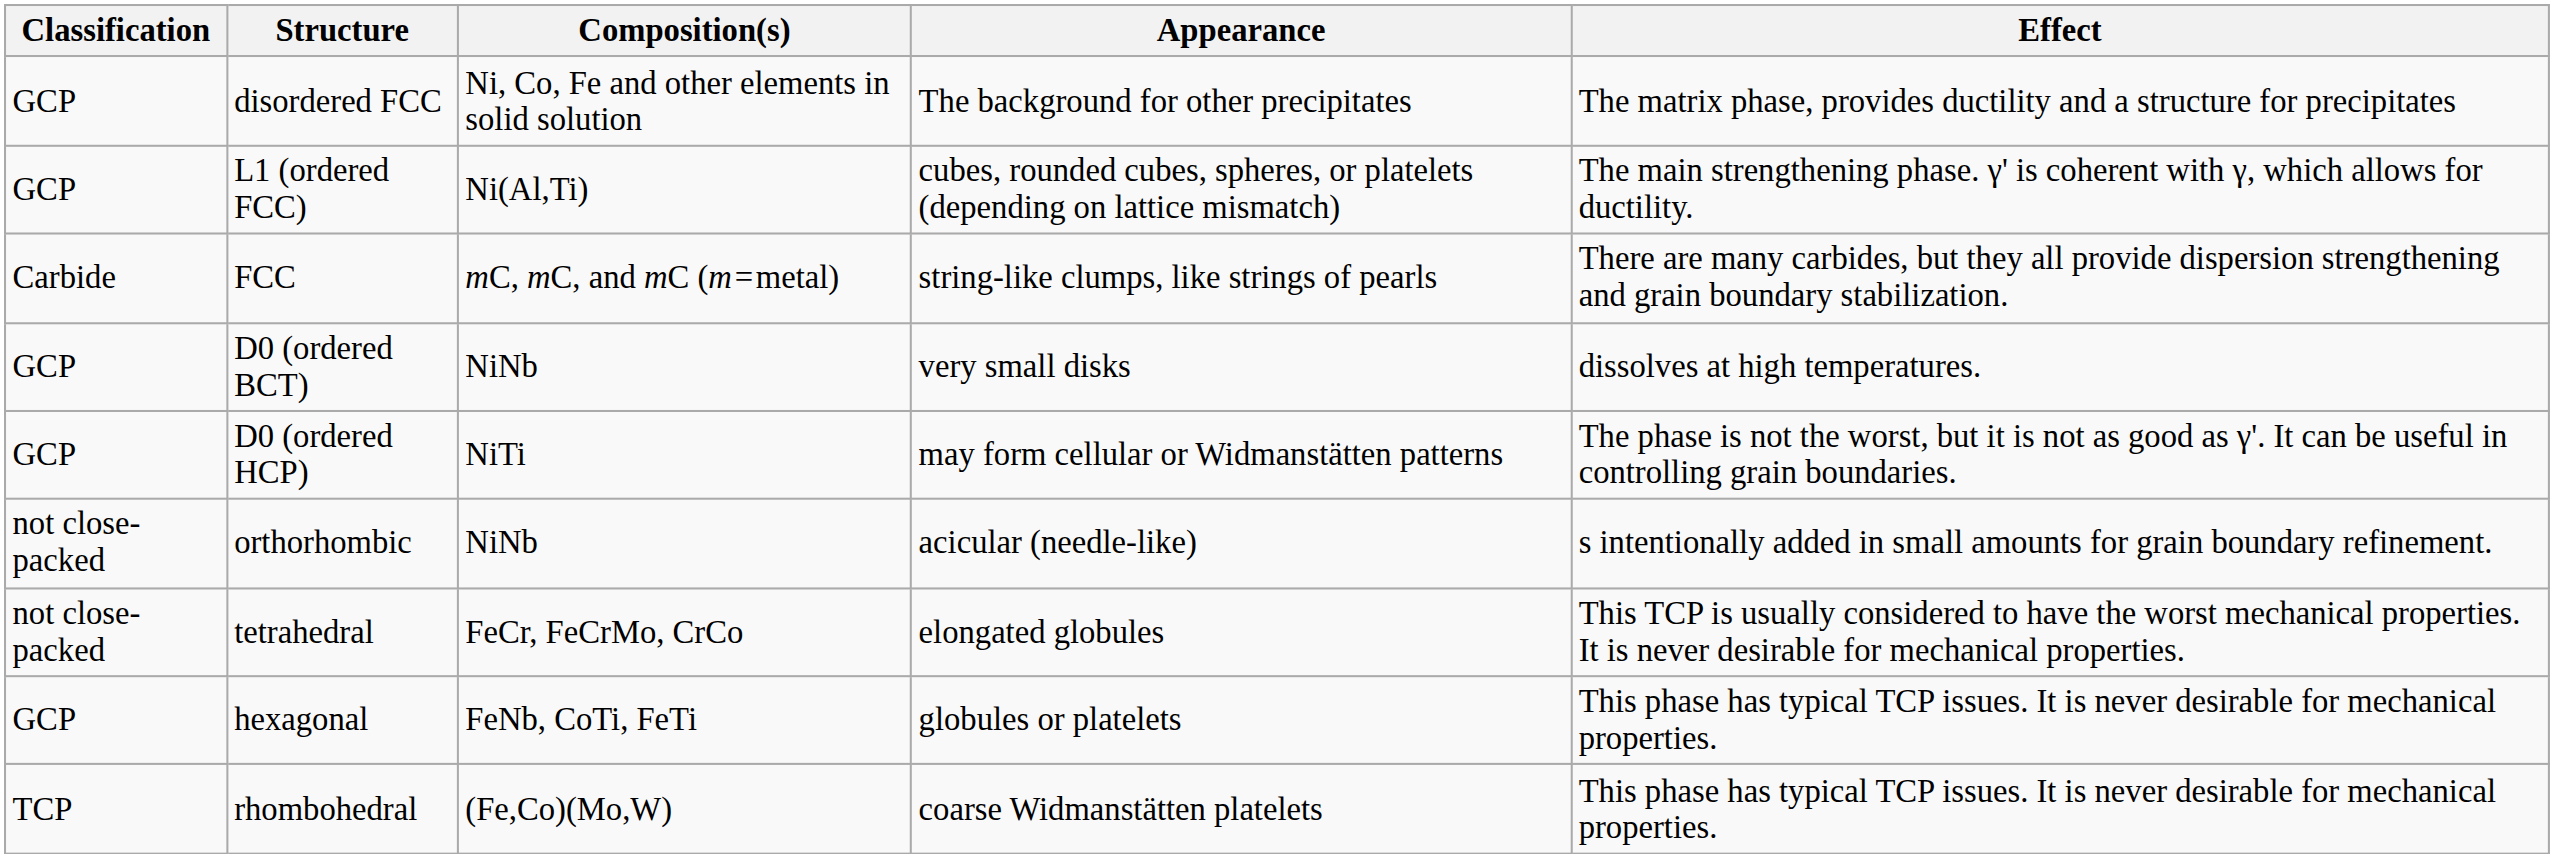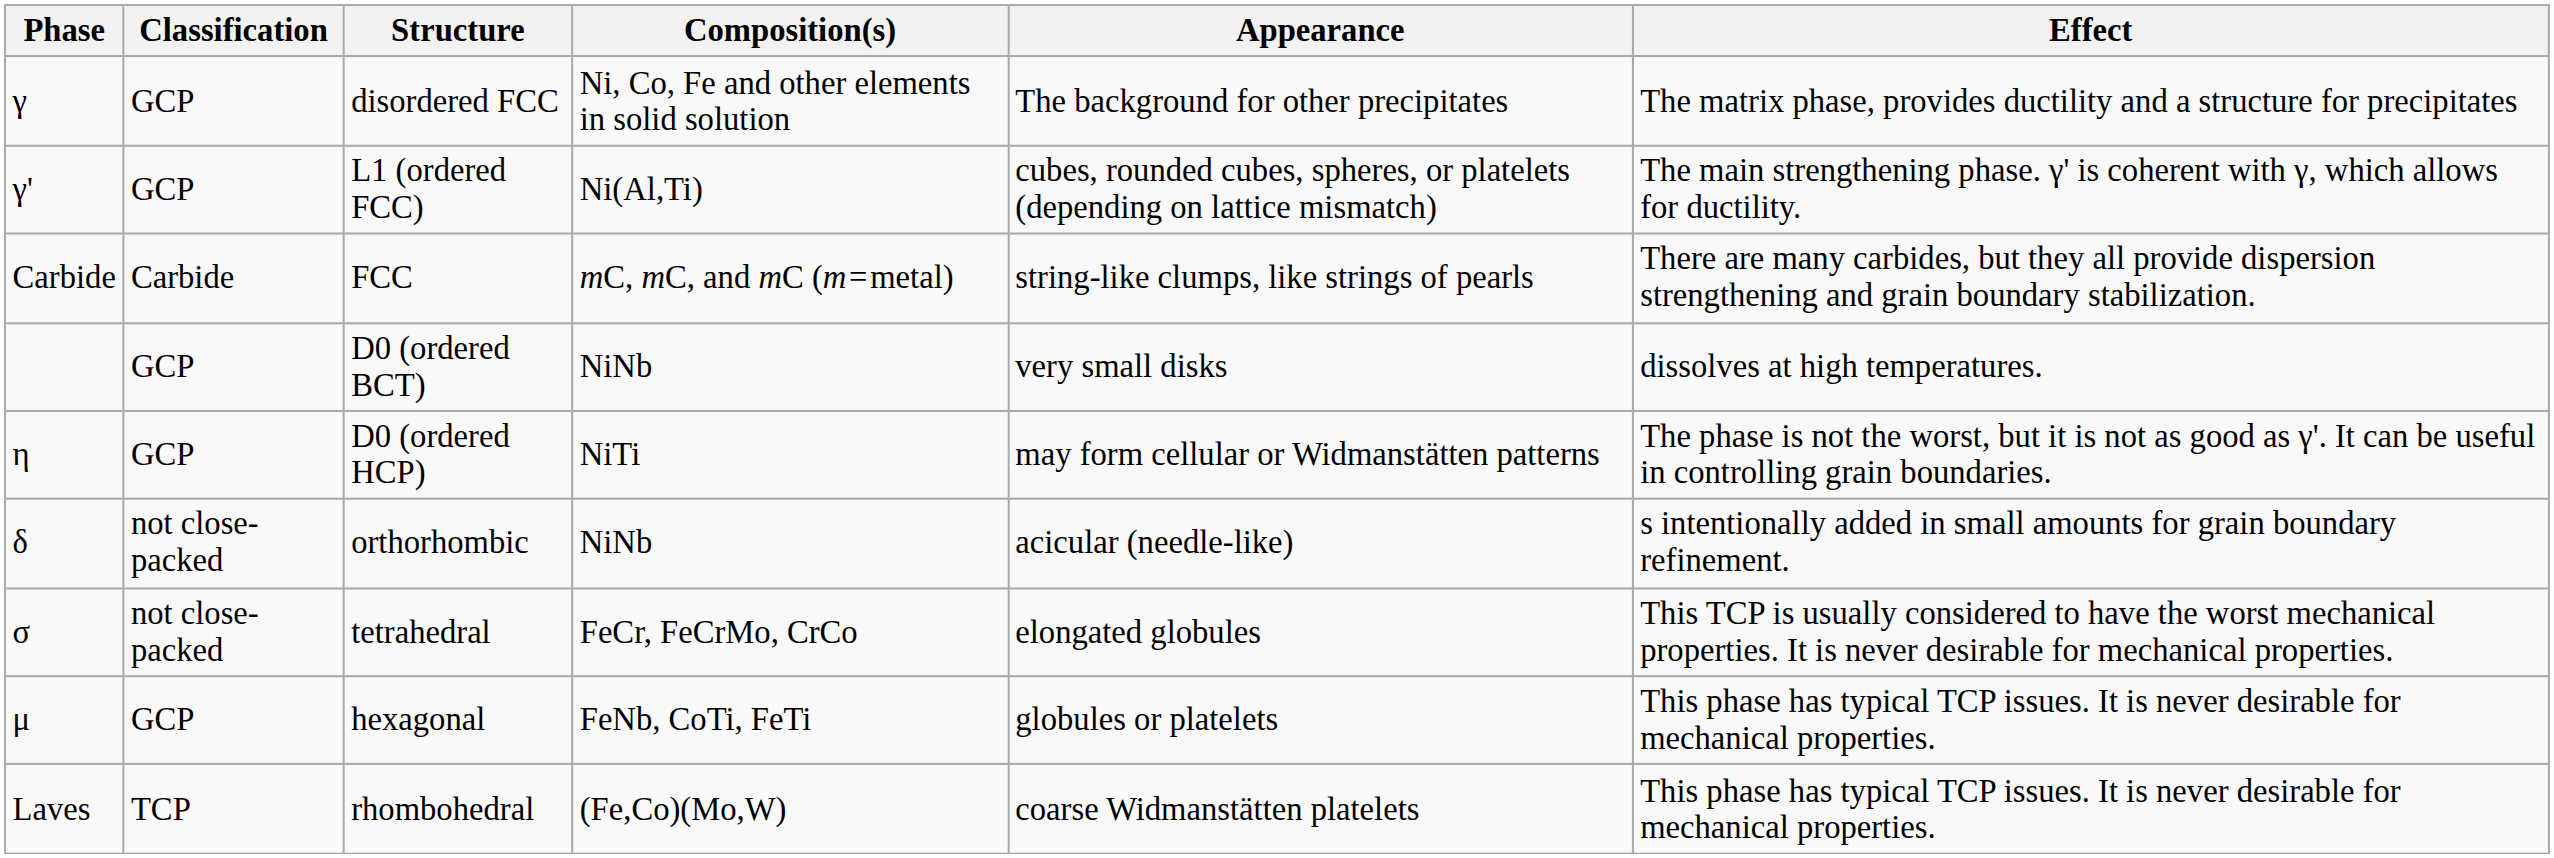 <table class="wikitable">
 <tr>
+<th>Phase</th>
 <th>Classification</th>
 <th>Structure</th>
 <th>Composition(s)</th>
 <th>Appearance</th>
 <th>Effect</th>
 </tr>
 <tr>
+<td>γ</td>
 <td>GCP</td>
 <td>disordered FCC</td>
 <td>Ni, Co, Fe and other elements in solid solution</td>
 <td>The background for other precipitates</td>
 <td>The matrix phase, provides ductility and a structure for precipitates</td>
 </tr>
 <tr>
+<td>γ'</td>
 <td>GCP</td>
 <td>L1 (ordered FCC)</td>
 <td>Ni(Al,Ti)</td>
 <td>cubes, rounded cubes, spheres, or platelets (depending on lattice mismatch)</td>
 <td>The main strengthening phase. γ' is coherent with γ, which allows for ductility.</td>
 </tr>
 <tr>
 <td>Carbide</td>
+<td>Carbide</td>
 <td>FCC</td>
 <td><em>m</em>C, <em>m</em>C, and <em>m</em>C (<em>m</em> ⁠= ⁠metal)</td>
 <td>string-like clumps, like strings of pearls</td>
 <td>There are many carbides, but they all provide dispersion strengthening and grain boundary stabilization.</td>
 </tr>
 <tr>
+<td></td>
 <td>GCP</td>
 <td>D0 (ordered BCT)</td>
 <td>NiNb</td>
 <td>very small disks</td>
 <td> dissolves at high temperatures.</td>
 </tr>
 <tr>
+<td>η</td>
 <td>GCP</td>
 <td>D0 (ordered HCP)</td>
 <td>NiTi</td>
 <td>may form cellular or Widmanstätten patterns</td>
 <td>The phase is not the worst, but it is not as good as γ'. It can be useful in controlling grain boundaries.</td>
 </tr>
 <tr>
+<td>δ</td>
 <td>not close-packed</td>
 <td>orthorhombic</td>
 <td>NiNb</td>
 <td>acicular (needle-like)</td>
 <td>s intentionally added in small amounts for grain boundary refinement.</td>
 </tr>
 <tr>
+<td>σ</td>
 <td>not close-packed</td>
 <td>tetrahedral</td>
 <td>FeCr, FeCrMo, CrCo</td>
 <td>elongated globules</td>
 <td>This TCP is usually considered to have the worst mechanical properties. It is never desirable for mechanical properties.</td>
 </tr>
 <tr>
+<td>μ</td>
 <td>GCP</td>
 <td>hexagonal</td>
 <td>FeNb, CoTi, FeTi</td>
 <td>globules or platelets</td>
 <td>This phase has typical TCP issues. It is never desirable for mechanical properties.</td>
 </tr>
 <tr>
+<td>Laves</td>
 <td>TCP</td>
 <td>rhombohedral</td>
 <td>(Fe,Co)(Mo,W)</td>
 <td>coarse Widmanstätten platelets</td>
 <td>This phase has typical TCP issues. It is never desirable for mechanical properties.</td>
 </tr>
 </table>
